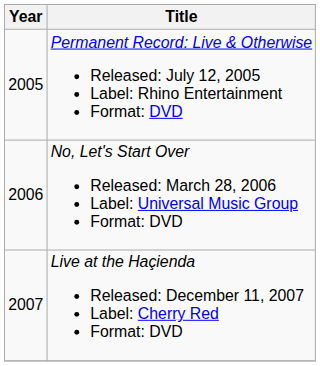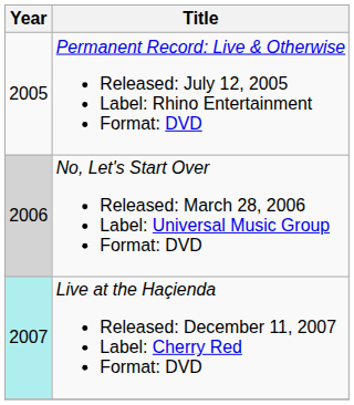 <table class="wikitable">
 <tr>
 <th>Year</th>
 <th>Title</th>
 </tr>
 <tr>
 <td>2005</td>
 <td><em><a href='#'>Permanent Record: Live & Otherwise</a></em><br><ul><li>Released: July 12, 2005</li><li>Label: Rhino Entertainment </li><li>Format: <a href='#'>DVD</a></li></ul></td>
 </tr>
 <tr>
-<td>2006</td>
+<td style="background: lightgrey;">2006</td>
 <td><em>No, Let's Start Over</em><br><ul><li>Released: March 28, 2006</li><li>Label: <a href='#'>Universal Music Group</a> </li><li>Format: DVD</li></ul></td>
 </tr>
 <tr>
-<td>2007</td>
+<td style="background: paleturquoise;">2007</td>
 <td><em>Live at the Haçienda</em><br><ul><li>Released: December 11, 2007</li><li>Label: <a href='#'>Cherry Red</a> </li><li>Format: DVD</li></ul></td>
 </tr>
 <tr>
 </tr>
 </table>
